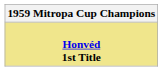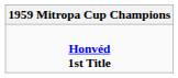 <table class=wikitable style="text-align:center; margin:auto">
 <tr>
 <th>1959 Mitropa Cup Champions</th>
 </tr>
 <tr>
-<td style="background: khaki;"> <br> <strong><a href='#'>Honvéd</a></strong> <br> <strong>1st Title</strong></td>
+<td> <br> <strong><a href='#'>Honvéd</a></strong> <br> <strong>1st Title</strong></td>
 </tr>
 </table>
